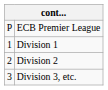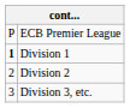 <table class="wikitable" style="font-size:85%">
 <tr>
 <th colspan=2>cont...</th>
 </tr>
 <tr>
 <td style="text-align: center;">P</td>
 <td>ECB Premier League</td>
 </tr>
 <tr>
-<td style="text-align: center;">1</td>
+<td style="text-align: center;"><strong>1</strong></td>
 <td>Division 1</td>
 </tr>
 <tr>
 <td style="text-align: center;">2</td>
 <td>Division 2</td>
 </tr>
 <tr>
 <td style="text-align: center;">3</td>
 <td>Division 3, etc.</td>
 </tr>
 </table>
